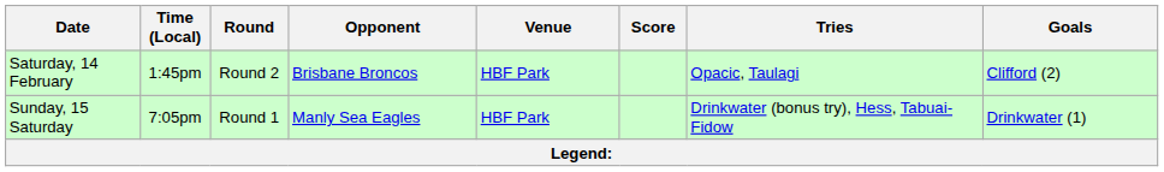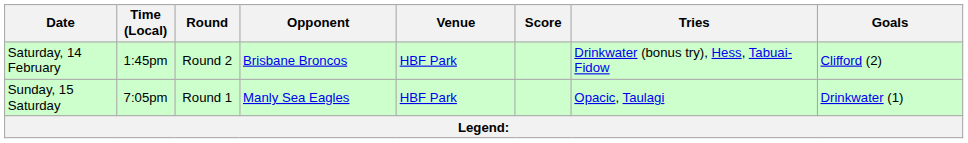 <table class="wikitable" style="font-size:75%;">
 <tr>
 <th style="width:115px;">Date</th>
 <th style="width:50px;">Time (Local)</th>
 <th style="width:60px;">Round</th>
 <th style="width:170px;">Opponent</th>
 <th style="width:130px;">Venue</th>
 <th style="width:50px;">Score</th>
 <th style="width:285px;">Tries</th>
 <th style="width:155px;">Goals</th>
 </tr>
 <tr style="background:#CCFFCC">
 <td>Saturday, 14 February</td>
 <td style="text-align:center;">1:45pm</td>
 <td style="text-align:center;">Round 2</td>
 <td> <a href='#'>Brisbane Broncos</a></td>
 <td><a href='#'>HBF Park</a></td>
 <td style="text-align:center;"></td>
-<td><a href='#'>Opacic</a>, <a href='#'>Taulagi</a></td>
+<td><a href='#'>Drinkwater</a> (bonus try), <a href='#'>Hess</a>, <a href='#'>Tabuai-Fidow</a></td>
 <td><a href='#'>Clifford</a> (2)</td>
 </tr>
 <tr style="background:#CCFFCC">
 <td>Sunday, 15 Saturday</td>
 <td style="text-align:center;">7:05pm</td>
 <td style="text-align:center;">Round 1</td>
 <td> <a href='#'>Manly Sea Eagles</a></td>
 <td><a href='#'>HBF Park</a></td>
 <td style="text-align:center;"></td>
-<td><a href='#'>Drinkwater</a> (bonus try), <a href='#'>Hess</a>, <a href='#'>Tabuai-Fidow</a></td>
+<td><a href='#'>Opacic</a>, <a href='#'>Taulagi</a></td>
 <td><a href='#'>Drinkwater</a> (1)</td>
 </tr>
 <tr>
 <th colspan="12">Legend:  </th>
 </tr>
 </table>
